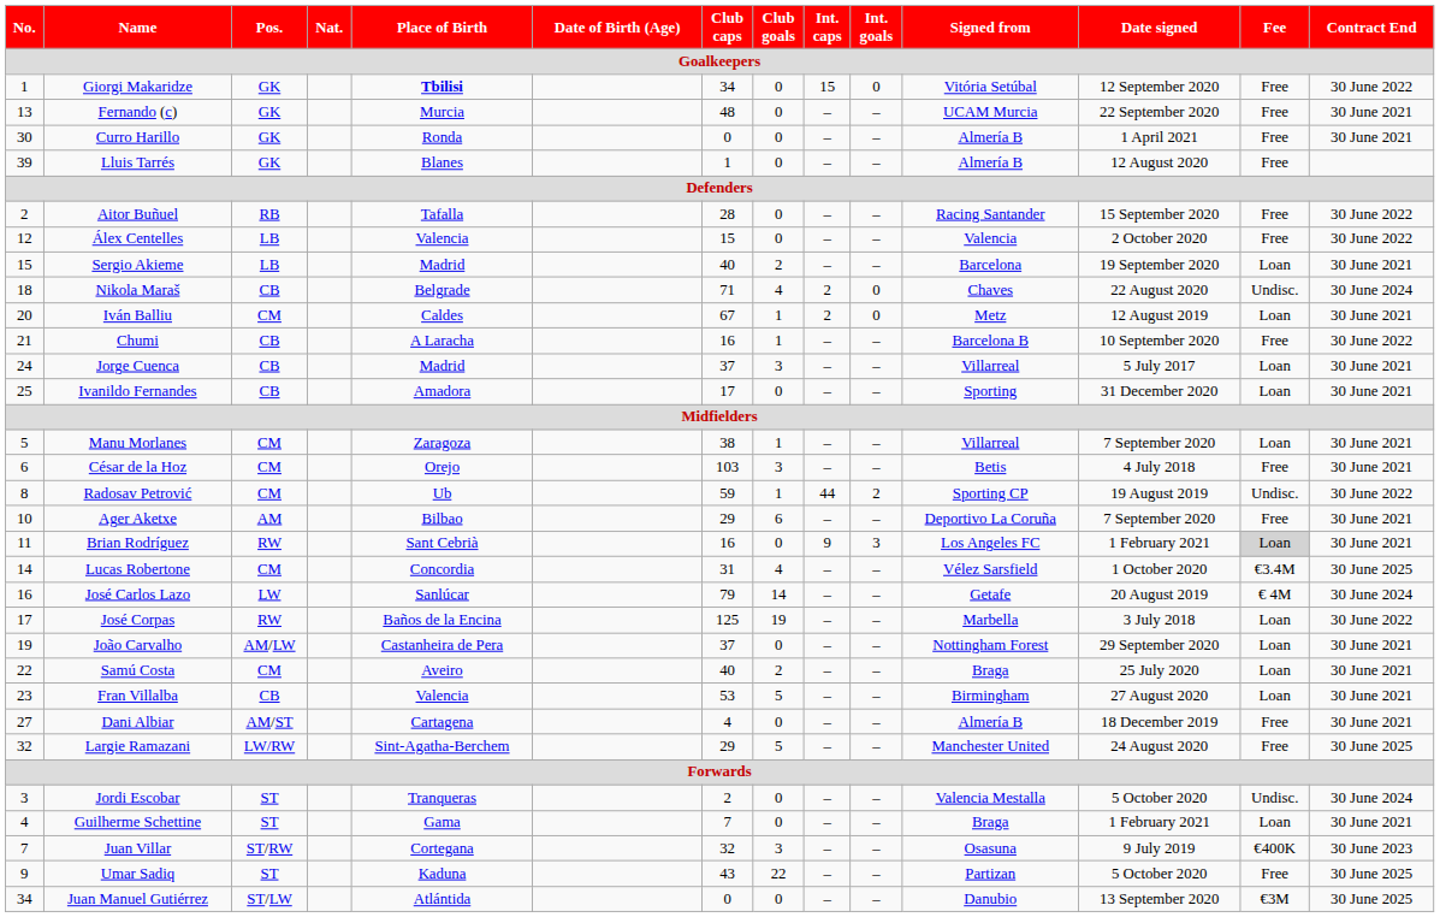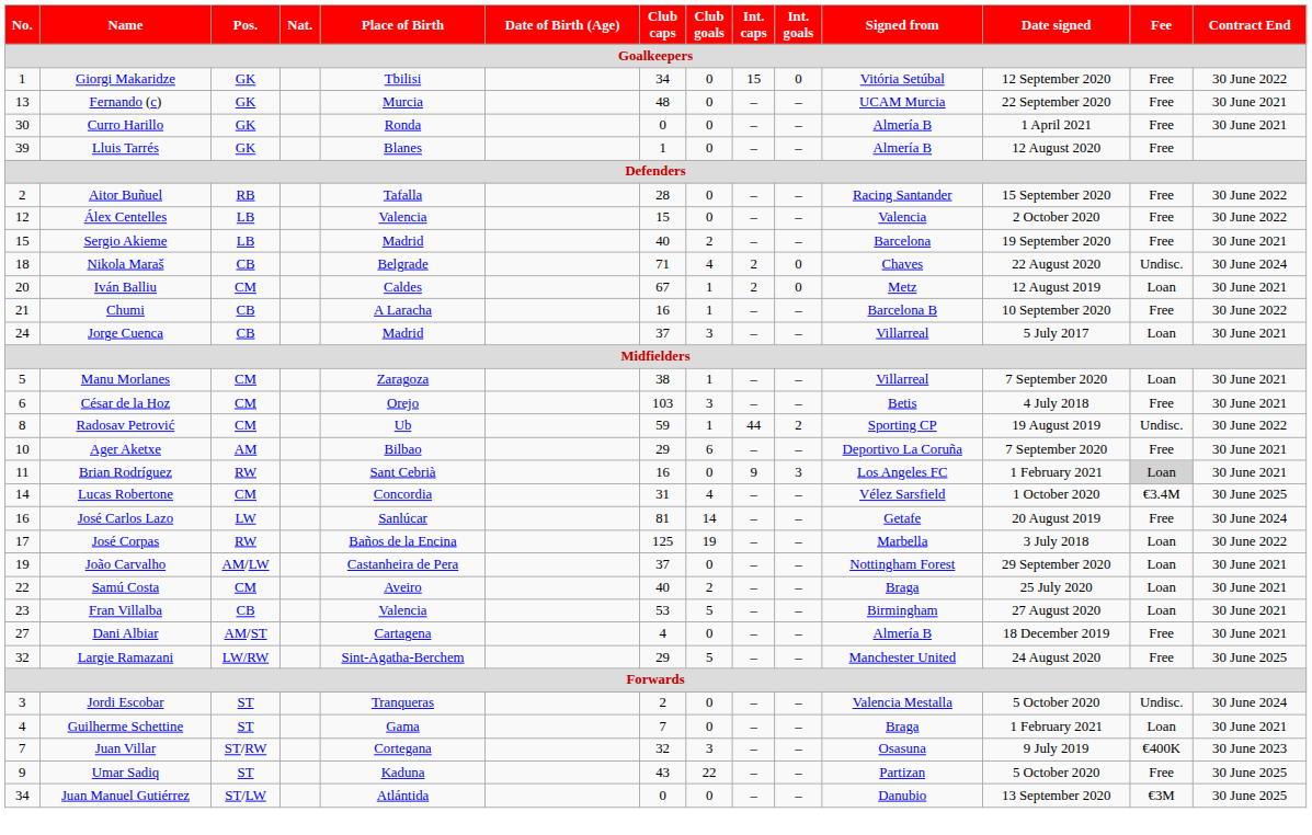 <table class="wikitable" style="text-align:center; font-size:85%; width:100%;">
 <tr>
 <th style="background:#f00; color:#fff; text-align:center;">No.</th>
 <th style="background:#f00; color:#fff; text-align:center;">Name</th>
 <th style="background:#f00; color:#fff; text-align:center;">Pos.</th>
 <th style="background:#f00; color:#fff; text-align:center;">Nat.</th>
 <th style="background:#f00; color:#fff; text-align:center;">Place of Birth</th>
 <th style="background:#f00; color:#fff; text-align:center;">Date of Birth (Age)</th>
 <th style="background:#f00; color:#fff; text-align:center;">Club<br>caps</th>
 <th style="background:#f00; color:#fff; text-align:center;">Club<br>goals</th>
 <th style="background:#f00; color:#fff; text-align:center;">Int.<br>caps</th>
 <th style="background:#f00; color:#fff; text-align:center;">Int.<br>goals</th>
 <th style="background:#f00; color:#fff; text-align:center;">Signed from</th>
 <th style="background:#f00; color:#fff; text-align:center;">Date signed</th>
 <th style="background:#f00; color:#fff; text-align:center;">Fee</th>
 <th style="background:#f00; color:#fff; text-align:center;">Contract End</th>
 </tr>
 <tr>
 <th colspan="14" style="background:#dcdcdc; color:#C40000; text-align:center;">Goalkeepers</th>
 </tr>
 <tr>
 <td>1</td>
 <td><a href='#'>Giorgi Makaridze</a></td>
 <td><a href='#'>GK</a></td>
 <td></td>
-<td><strong><a href='#'>Tbilisi</a> </strong></td>
+<td><a href='#'>Tbilisi</a> </td>
 <td></td>
 <td>34</td>
 <td>0</td>
 <td>15</td>
 <td>0</td>
 <td><a href='#'>Vitória Setúbal</a> </td>
 <td>12 September 2020</td>
 <td>Free</td>
 <td>30 June 2022</td>
 </tr>
 <tr>
 <td>13</td>
 <td><a href='#'>Fernando</a> (<a href='#'>c</a>)</td>
 <td><a href='#'>GK</a></td>
 <td> </td>
 <td><a href='#'>Murcia</a></td>
 <td></td>
 <td>48</td>
 <td>0</td>
 <td>–</td>
 <td>–</td>
 <td><a href='#'>UCAM Murcia</a></td>
 <td>22 September 2020</td>
 <td>Free</td>
 <td>30 June 2021<br> </td>
 </tr>
 <tr>
 <td>30</td>
 <td><a href='#'>Curro Harillo</a></td>
 <td><a href='#'>GK</a></td>
 <td> </td>
 <td><a href='#'>Ronda</a></td>
 <td></td>
 <td>0</td>
 <td>0</td>
 <td>–</td>
 <td>–</td>
 <td><a href='#'>Almería B</a></td>
 <td>1 April 2021</td>
 <td>Free</td>
 <td>30 June 2021</td>
 </tr>
 <tr>
 <td>39</td>
 <td><a href='#'>Lluis Tarrés</a></td>
 <td><a href='#'>GK</a></td>
 <td> </td>
 <td><a href='#'>Blanes</a></td>
 <td></td>
 <td>1</td>
 <td>0</td>
 <td>–</td>
 <td>–</td>
 <td><a href='#'>Almería B</a></td>
 <td>12 August 2020</td>
 <td>Free</td>
 <td></td>
 </tr>
 <tr>
 <th colspan="14" style="background:#dcdcdc; color:#C40000; text-align:center;">Defenders</th>
 </tr>
 <tr>
 <td>2</td>
 <td><a href='#'>Aitor Buñuel</a></td>
 <td><a href='#'>RB</a></td>
 <td> </td>
 <td><a href='#'>Tafalla</a></td>
 <td></td>
 <td>28</td>
 <td>0</td>
 <td>–</td>
 <td>–</td>
 <td><a href='#'>Racing Santander</a></td>
 <td>15 September 2020</td>
 <td>Free</td>
 <td>30 June 2022<br>  </td>
 </tr>
 <tr>
 <td>12</td>
 <td><a href='#'>Álex Centelles</a></td>
 <td><a href='#'>LB</a></td>
 <td> </td>
 <td><a href='#'>Valencia</a></td>
 <td></td>
 <td>15</td>
 <td>0</td>
 <td>–</td>
 <td>–</td>
 <td><a href='#'>Valencia</a></td>
 <td>2 October 2020</td>
 <td>Free</td>
 <td>30 June 2022<br></td>
 </tr>
 <tr>
 <td>15</td>
 <td><a href='#'>Sergio Akieme</a></td>
 <td><a href='#'>LB</a></td>
 <td></td>
 <td><a href='#'>Madrid</a> </td>
 <td></td>
 <td>40</td>
 <td>2</td>
 <td>–</td>
 <td>–</td>
 <td><a href='#'>Barcelona</a></td>
 <td>19 September 2020</td>
-<td>Loan</td>
+<td>Free</td>
 <td>30 June 2021</td>
 </tr>
 <tr>
 <td>18</td>
 <td><a href='#'>Nikola Maraš</a></td>
 <td><a href='#'>CB</a></td>
 <td></td>
 <td><a href='#'>Belgrade</a> </td>
 <td></td>
 <td>71</td>
 <td>4</td>
 <td>2</td>
 <td>0</td>
 <td><a href='#'>Chaves</a> </td>
 <td>22 August 2020</td>
 <td>Undisc.</td>
 <td>30 June 2024</td>
 </tr>
 <tr>
 <td>20</td>
 <td><a href='#'>Iván Balliu</a></td>
 <td><a href='#'>CM</a></td>
 <td></td>
 <td><a href='#'>Caldes</a> </td>
 <td></td>
 <td>67</td>
 <td>1</td>
 <td>2</td>
 <td>0</td>
 <td><a href='#'>Metz</a> </td>
 <td>12 August 2019</td>
 <td>Loan</td>
 <td>30 June 2021</td>
 </tr>
 <tr>
 <td>21</td>
 <td><a href='#'>Chumi</a></td>
 <td><a href='#'>CB</a></td>
 <td> </td>
 <td><a href='#'>A Laracha</a></td>
 <td></td>
 <td>16</td>
 <td>1</td>
 <td>–</td>
 <td>–</td>
 <td><a href='#'>Barcelona B</a></td>
 <td>10 September 2020</td>
 <td>Free</td>
 <td>30 June 2022</td>
 </tr>
 <tr>
 <td>24</td>
 <td><a href='#'>Jorge Cuenca</a></td>
 <td><a href='#'>CB</a></td>
 <td> </td>
 <td><a href='#'>Madrid</a></td>
 <td></td>
 <td>37</td>
 <td>3</td>
 <td>–</td>
 <td>–</td>
 <td><a href='#'>Villarreal</a></td>
 <td>5 July 2017</td>
-<td>Loan</td>
-<td>30 June 2021</td>
-</tr>
-<tr>
-<td>25</td>
-<td><a href='#'>Ivanildo Fernandes</a></td>
-<td><a href='#'>CB</a></td>
-<td></td>
-<td><a href='#'>Amadora</a></td>
-<td></td>
-<td>17</td>
-<td>0</td>
-<td>–</td>
-<td>–</td>
-<td><a href='#'>Sporting</a> </td>
-<td>31 December 2020</td>
 <td>Loan</td>
 <td>30 June 2021</td>
 </tr>
 <tr>
 <th colspan="14" style="background:#dcdcdc; color:#C40000; text-align:center;">Midfielders</th>
 </tr>
 <tr>
 <td>5</td>
 <td><a href='#'>Manu Morlanes</a></td>
 <td><a href='#'>CM</a></td>
 <td> </td>
 <td><a href='#'>Zaragoza</a></td>
 <td></td>
 <td>38</td>
 <td>1</td>
 <td>–</td>
 <td>–</td>
 <td><a href='#'>Villarreal</a></td>
 <td>7 September 2020</td>
 <td>Loan</td>
 <td>30 June 2021<br></td>
 </tr>
 <tr>
 <td>6</td>
 <td><a href='#'>César de la Hoz</a></td>
 <td><a href='#'>CM</a></td>
 <td> </td>
 <td><a href='#'>Orejo</a></td>
 <td></td>
 <td>103</td>
 <td>3</td>
 <td>–</td>
 <td>–</td>
 <td><a href='#'>Betis</a></td>
 <td>4 July 2018</td>
 <td>Free</td>
 <td>30 June 2021</td>
 </tr>
 <tr>
 <td>8</td>
 <td><a href='#'>Radosav Petrović</a></td>
 <td><a href='#'>CM</a></td>
 <td></td>
 <td><a href='#'>Ub</a> </td>
 <td></td>
 <td>59</td>
 <td>1</td>
 <td>44</td>
 <td>2</td>
 <td><a href='#'>Sporting CP</a> </td>
 <td>19 August 2019</td>
 <td>Undisc.</td>
 <td>30 June 2022</td>
 </tr>
 <tr>
 <td>10</td>
 <td><a href='#'>Ager Aketxe</a></td>
 <td><a href='#'>AM</a></td>
 <td> </td>
 <td><a href='#'>Bilbao</a></td>
 <td></td>
 <td>29</td>
 <td>6</td>
 <td>–</td>
 <td>–</td>
 <td><a href='#'>Deportivo La Coruña</a></td>
 <td>7 September 2020</td>
 <td>Free</td>
 <td>30 June 2021<br> </td>
 </tr>
 <tr>
 <td>11</td>
 <td><a href='#'>Brian Rodríguez</a></td>
 <td><a href='#'>RW</a></td>
 <td></td>
 <td><a href='#'>Sant Cebrià</a></td>
 <td></td>
 <td>16</td>
 <td>0</td>
 <td>9</td>
 <td>3</td>
 <td><a href='#'>Los Angeles FC</a> </td>
 <td>1 February 2021</td>
 <td style="background: lightgrey;">Loan</td>
 <td>30 June 2021<br></td>
 </tr>
 <tr>
 <td>14</td>
 <td><a href='#'>Lucas Robertone</a></td>
 <td><a href='#'>CM</a></td>
 <td></td>
 <td><a href='#'>Concordia</a></td>
 <td></td>
 <td>31</td>
 <td>4</td>
 <td>–</td>
 <td>–</td>
 <td><a href='#'>Vélez Sarsfield</a> </td>
 <td>1 October 2020</td>
 <td>€3.4M</td>
 <td>30 June 2025</td>
 </tr>
 <tr>
 <td>16</td>
 <td><a href='#'>José Carlos Lazo</a></td>
 <td><a href='#'>LW</a></td>
 <td> </td>
 <td><a href='#'>Sanlúcar</a></td>
 <td></td>
-<td>79</td>
+<td>81</td>
 <td>14</td>
 <td>–</td>
 <td>–</td>
 <td><a href='#'>Getafe</a></td>
 <td>20 August 2019</td>
-<td>€ 4M</td>
+<td>Free</td>
 <td>30 June 2024</td>
 </tr>
 <tr>
 <td>17</td>
 <td><a href='#'>José Corpas</a></td>
 <td><a href='#'>RW</a></td>
 <td> </td>
 <td><a href='#'>Baños de la Encina</a></td>
 <td></td>
 <td>125</td>
 <td>19</td>
 <td>–</td>
 <td>–</td>
 <td><a href='#'>Marbella</a></td>
 <td>3 July 2018</td>
 <td>Loan</td>
 <td>30 June 2022</td>
 </tr>
 <tr>
 <td>19</td>
 <td><a href='#'>João Carvalho</a></td>
 <td><a href='#'>AM</a>/<a href='#'>LW</a></td>
 <td></td>
 <td><a href='#'>Castanheira de Pera</a></td>
 <td></td>
 <td>37</td>
 <td>0</td>
 <td>–</td>
 <td>–</td>
 <td><a href='#'>Nottingham Forest</a> </td>
 <td>29 September 2020</td>
 <td>Loan</td>
 <td>30 June 2021</td>
 </tr>
 <tr>
 <td>22</td>
 <td><a href='#'>Samú Costa</a></td>
 <td><a href='#'>CM</a></td>
 <td></td>
 <td><a href='#'>Aveiro</a></td>
 <td></td>
 <td>40</td>
 <td>2</td>
 <td>–</td>
 <td>–</td>
 <td><a href='#'>Braga</a> </td>
 <td>25 July 2020</td>
 <td>Loan</td>
 <td>30 June 2021</td>
 </tr>
 <tr>
 <td>23</td>
 <td><a href='#'>Fran Villalba</a></td>
 <td><a href='#'>CB</a></td>
 <td> </td>
 <td><a href='#'>Valencia</a></td>
 <td></td>
 <td>53</td>
 <td>5</td>
 <td>–</td>
 <td>–</td>
 <td><a href='#'>Birmingham</a> </td>
 <td>27 August 2020</td>
 <td>Loan</td>
 <td>30 June 2021<br> </td>
 </tr>
 <tr>
 <td>27</td>
 <td><a href='#'>Dani Albiar</a></td>
 <td><a href='#'>AM</a>/<a href='#'>ST</a></td>
 <td> </td>
 <td><a href='#'>Cartagena</a></td>
 <td></td>
 <td>4</td>
 <td>0</td>
 <td>–</td>
 <td>–</td>
 <td><a href='#'>Almería B</a></td>
 <td>18 December 2019</td>
 <td>Free</td>
 <td>30 June 2021<br></td>
 </tr>
 <tr>
 <td>32</td>
 <td><a href='#'>Largie Ramazani</a></td>
 <td><a href='#'>LW/RW</a></td>
 <td></td>
 <td><a href='#'>Sint-Agatha-Berchem</a></td>
 <td></td>
 <td>29</td>
 <td>5</td>
 <td>–</td>
 <td>–</td>
 <td><a href='#'>Manchester United</a> </td>
 <td>24 August 2020</td>
 <td>Free</td>
 <td>30 June 2025</td>
 </tr>
 <tr>
 <th colspan="14" style="background:#dcdcdc; color:#C40000; text-align=center;">Forwards</th>
 </tr>
 <tr>
 <td>3</td>
 <td><a href='#'>Jordi Escobar</a></td>
 <td><a href='#'>ST</a></td>
 <td> </td>
 <td><a href='#'>Tranqueras</a></td>
 <td></td>
 <td>2</td>
 <td>0</td>
 <td>–</td>
 <td>–</td>
 <td><a href='#'>Valencia Mestalla</a></td>
 <td>5 October 2020</td>
 <td>Undisc.</td>
 <td>30 June 2024</td>
 </tr>
 <tr>
 <td>4</td>
 <td><a href='#'>Guilherme Schettine</a></td>
 <td><a href='#'>ST</a></td>
 <td></td>
 <td><a href='#'>Gama</a></td>
 <td></td>
 <td>7</td>
 <td>0</td>
 <td>–</td>
 <td>–</td>
 <td><a href='#'>Braga</a> </td>
 <td>1 February 2021</td>
 <td>Loan</td>
 <td>30 June 2021</td>
 </tr>
 <tr>
 <td>7</td>
 <td><a href='#'>Juan Villar</a></td>
 <td><a href='#'>ST</a>/<a href='#'>RW</a></td>
 <td> </td>
 <td><a href='#'>Cortegana</a></td>
 <td></td>
 <td>32</td>
 <td>3</td>
 <td>–</td>
 <td>–</td>
 <td><a href='#'>Osasuna</a></td>
 <td>9 July 2019</td>
 <td>€400K</td>
 <td>30 June 2023</td>
 </tr>
 <tr>
 <td>9</td>
 <td><a href='#'>Umar Sadiq</a></td>
 <td><a href='#'>ST</a></td>
 <td></td>
 <td><a href='#'>Kaduna</a></td>
 <td></td>
 <td>43</td>
 <td>22</td>
 <td>–</td>
 <td>–</td>
 <td><a href='#'>Partizan</a> </td>
 <td>5 October 2020</td>
 <td>Free</td>
 <td>30 June 2025<br></td>
 </tr>
 <tr>
 <td>34</td>
 <td><a href='#'>Juan Manuel Gutiérrez</a></td>
 <td><a href='#'>ST</a>/<a href='#'>LW</a></td>
 <td></td>
 <td><a href='#'>Atlántida</a></td>
 <td></td>
 <td>0</td>
 <td>0</td>
 <td>–</td>
 <td>–</td>
 <td><a href='#'>Danubio</a> </td>
 <td>13 September 2020</td>
 <td>€3M</td>
 <td>30 June 2025</td>
 </tr>
 </table>
